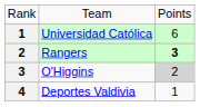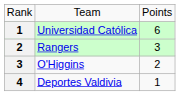 <table class="wikitable" style="text-align: center;">
 <tr>
 <td>Rank</td>
 <td>Team</td>
 <td>Points</td>
 </tr>
 <tr bgcolor=#ccffcc>
 <th>1</th>
 <td style="text-align: left;"><a href='#'>Universidad Católica</a></td>
 <td>6</td>
 </tr>
 <tr bgcolor=#ccffcc>
 <th>2</th>
 <td style="text-align: left;"><a href='#'>Rangers</a></td>
-<td><strong>3</strong></td>
+<td>3</td>
 </tr>
 <tr>
 <th>3</th>
 <td style="text-align: left;"><a href='#'>O'Higgins</a></td>
-<td style="background: lightgrey;">2</td>
+<td>2</td>
 </tr>
 <tr>
 <th>4</th>
 <td style="text-align: left;"><a href='#'>Deportes Valdivia</a></td>
 <td>1</td>
 </tr>
 </table>
